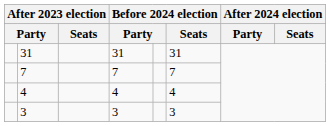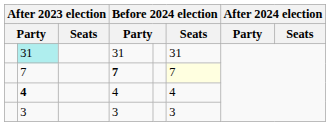 <table class="wikitable">
 <tr>
 <th colspan="3">After 2023 election</th>
 <th colspan="3">Before 2024 election</th>
 <th colspan="3">After 2024 election</th>
 </tr>
 <tr>
 <th colspan="2">Party</th>
 <th>Seats</th>
 <th colspan="2">Party</th>
 <th>Seats</th>
 <th colspan="2">Party</th>
 <th>Seats</th>
 </tr>
 <tr>
 <td></td>
-<td>31</td>
+<td style="background: paleturquoise;">31</td>
 <td></td>
 <td>31</td>
 <td></td>
 <td>31</td>
 </tr>
 <tr>
 <td></td>
 <td>7</td>
 <td></td>
-<td>7</td>
+<td><strong>7</strong></td>
 <td></td>
-<td>7</td>
+<td style="background: lightyellow;">7</td>
 </tr>
 <tr>
 <td></td>
-<td>4</td>
+<td><strong>4</strong></td>
 <td></td>
 <td>4</td>
 <td></td>
 <td>4</td>
 </tr>
 <tr>
 <td></td>
 <td>3</td>
 <td></td>
 <td>3</td>
 <td></td>
 <td>3</td>
 </tr>
 </table>
